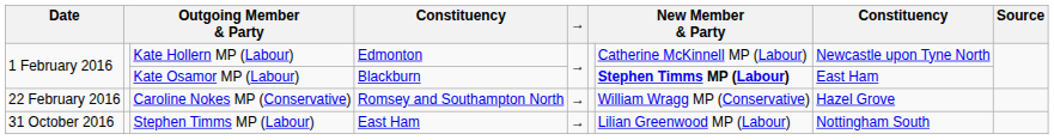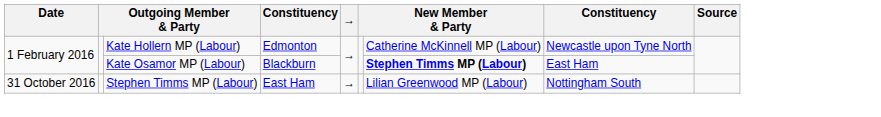 <table class="wikitable">
 <tr>
 <th valign="top">Date</th>
 <th colspan="2" valign="top">Outgoing Member<br>& Party</th>
 <th valign="top">Constituency</th>
 <th>→</th>
 <th colspan="2" valign="top">New Member<br>& Party</th>
 <th valign="top">Constituency</th>
 <th valign="top">Source</th>
 </tr>
 <tr>
 <td rowspan=2>1 February 2016</td>
 <td rowspan=2 style="color:inherit;background:"></td>
 <td><a href='#'>Kate Hollern</a> MP (<a href='#'>Labour</a>)</td>
 <td><a href='#'>Edmonton</a></td>
 <td rowspan=2>→</td>
 <td rowspan=2 style="color:inherit;background:"></td>
 <td><a href='#'>Catherine McKinnell</a> MP (<a href='#'>Labour</a>)</td>
 <td><a href='#'>Newcastle upon Tyne North</a></td>
 <td rowspan=2></td>
 </tr>
 <tr>
 <td><a href='#'>Kate Osamor</a> MP (<a href='#'>Labour</a>)</td>
 <td><a href='#'>Blackburn</a></td>
 <td><strong><a href='#'>Stephen Timms</a> MP (<a href='#'>Labour</a>)</strong></td>
 <td><a href='#'>East Ham</a></td>
 </tr>
 <tr>
-<td>22 February 2016</td>
-<td style="color:inherit;background:"></td>
-<td><a href='#'>Caroline Nokes</a> MP (<a href='#'>Conservative</a>)</td>
-<td><a href='#'>Romsey and Southampton North</a></td>
-<td>→</td>
-<td style="color:inherit;background:"></td>
-<td><a href='#'>William Wragg</a> MP (<a href='#'>Conservative</a>)</td>
-<td><a href='#'>Hazel Grove</a></td>
-<td></td>
-</tr>
-<tr>
 <td>31 October 2016</td>
 <td style="color:inherit;background:"></td>
 <td><a href='#'>Stephen Timms</a> MP (<a href='#'>Labour</a>)</td>
 <td><a href='#'>East Ham</a></td>
 <td>→</td>
 <td style="color:inherit;background:"></td>
 <td><a href='#'>Lilian Greenwood</a> MP (<a href='#'>Labour</a>)</td>
 <td><a href='#'>Nottingham South</a></td>
 <td></td>
 </tr>
 </table>
